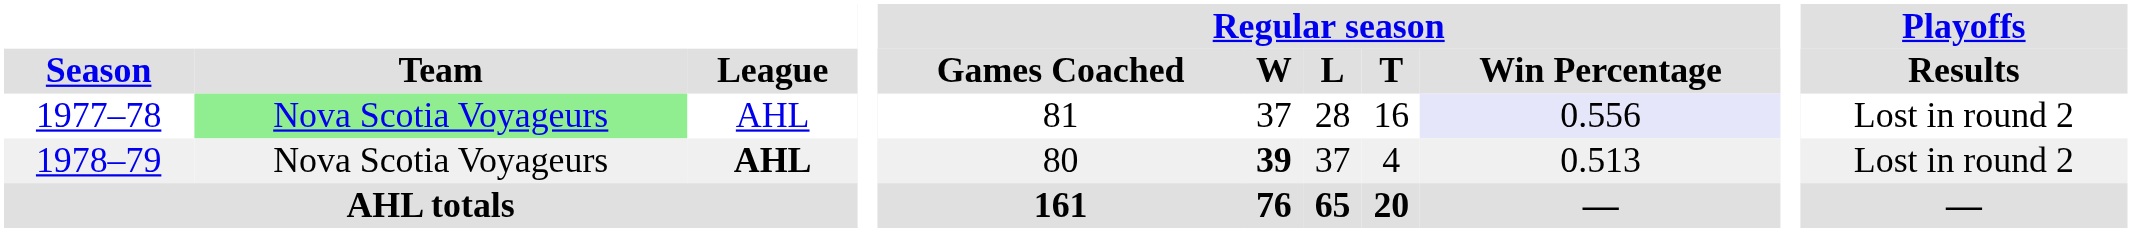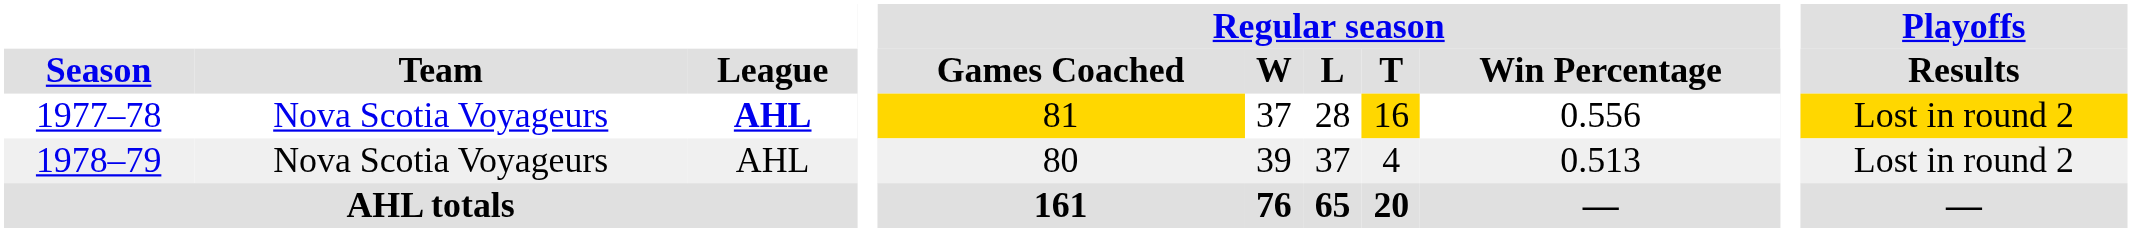 <table BORDER="0" CELLPADDING="1" CELLSPACING="0" width="75%" style="text-align:center">
 <tr bgcolor="#e0e0e0">
 <th colspan="3" bgcolor="#ffffff"> </th>
 <th rowspan="99" bgcolor="#ffffff"> </th>
 <th colspan="5"><a href='#'>Regular season</a></th>
 <th rowspan="99" bgcolor="#ffffff"> </th>
 <th colspan="5"><a href='#'>Playoffs</a></th>
 </tr>
 <tr bgcolor="#e0e0e0">
 <th><a href='#'>Season</a></th>
 <th>Team</th>
 <th>League</th>
 <th>Games Coached</th>
 <th>W</th>
 <th>L</th>
 <th>T</th>
 <th>Win Percentage</th>
 <th>Results</th>
 </tr>
 <tr>
 <td><a href='#'>1977–78</a></td>
-<td style="background: lightgreen;"><a href='#'>Nova Scotia Voyageurs</a></td>
-<td><a href='#'>AHL</a></td>
-<td>81</td>
+<td><a href='#'>Nova Scotia Voyageurs</a></td>
+<td><strong><a href='#'>AHL</a></strong></td>
+<td style="background: gold;">81</td>
 <td>37</td>
 <td>28</td>
-<td>16</td>
-<td style="background: lavender;">0.556</td>
-<td>Lost in round 2</td>
+<td style="background: gold;">16</td>
+<td>0.556</td>
+<td style="background: gold;">Lost in round 2</td>
 </tr>
 <tr bgcolor="#f0f0f0">
 <td><a href='#'>1978–79</a></td>
 <td>Nova Scotia Voyageurs</td>
-<td><strong>AHL</strong></td>
+<td>AHL</td>
 <td>80</td>
-<td><strong>39</strong></td>
+<td>39</td>
 <td>37</td>
 <td>4</td>
 <td>0.513</td>
 <td>Lost in round 2</td>
 </tr>
 <tr bgcolor="#e0e0e0">
 <th colspan="3">AHL totals</th>
 <th>161</th>
 <th>76</th>
 <th>65</th>
 <th>20</th>
 <th>—</th>
 <th>—</th>
 </tr>
 </table>
